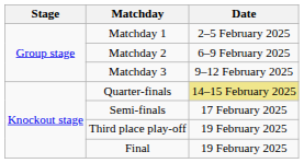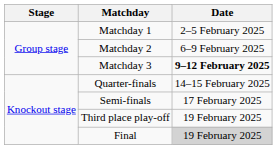 <table class="wikitable" style="text-align:center">
 <tr>
 <th>Stage</th>
 <th>Matchday</th>
 <th>Date</th>
 </tr>
 <tr>
 <td rowspan="3"><a href='#'>Group stage</a></td>
 <td>Matchday 1</td>
 <td>2–5 February 2025</td>
 </tr>
 <tr>
 <td>Matchday 2</td>
 <td>6–9 February 2025</td>
 </tr>
 <tr>
 <td>Matchday 3</td>
-<td>9–12 February 2025</td>
+<td><strong>9–12 February 2025</strong></td>
 </tr>
 <tr>
 <td rowspan="4"><a href='#'>Knockout stage</a></td>
 <td>Quarter-finals</td>
-<td style="background: khaki;">14–15 February 2025</td>
+<td>14–15 February 2025</td>
 </tr>
 <tr>
 <td>Semi-finals</td>
 <td>17 February 2025</td>
 </tr>
 <tr>
 <td>Third place play-off</td>
 <td>19 February 2025</td>
 </tr>
 <tr>
 <td>Final</td>
-<td>19 February 2025</td>
+<td style="background: lightgrey;">19 February 2025</td>
 </tr>
 </table>
